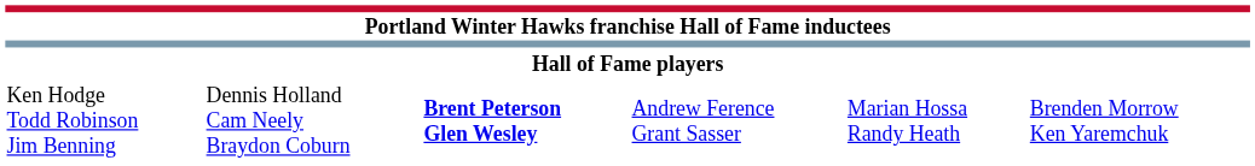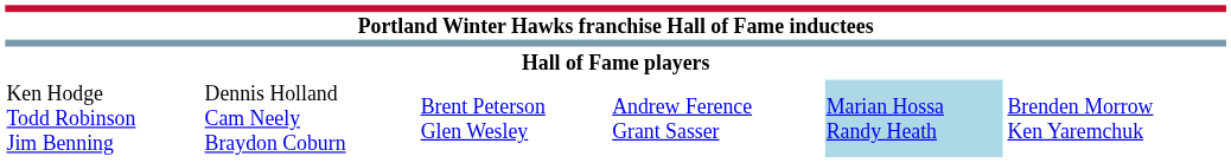 <table class="toccolours" style="font-size: 95%;margin:1em auto;" width=100%>
 <tr>
 <th colspan="6" style="background:#FFFFFF;border-top:#C60C30 5px solid;border-bottom:#7A99AC 5px solid;; text-align: center;">Portland Winter Hawks franchise Hall of Fame inductees</th>
 </tr>
 <tr>
 <th colspan=6 align=center>Hall of Fame players</th>
 </tr>
 <tr>
 <td>Ken Hodge <br><a href='#'>Todd Robinson</a><br><a href='#'>Jim Benning</a></td>
 <td>Dennis Holland <br><a href='#'>Cam Neely</a><br><a href='#'>Braydon Coburn</a></td>
-<td><strong><a href='#'>Brent Peterson</a><br><a href='#'>Glen Wesley</a></strong></td>
+<td><a href='#'>Brent Peterson</a><br><a href='#'>Glen Wesley</a></td>
 <td><a href='#'>Andrew Ference</a><br><a href='#'>Grant Sasser</a></td>
-<td><a href='#'>Marian Hossa</a><br><a href='#'>Randy Heath</a></td>
+<td style="background: lightblue;"><a href='#'>Marian Hossa</a><br><a href='#'>Randy Heath</a></td>
 <td><a href='#'>Brenden Morrow</a><br><a href='#'>Ken Yaremchuk</a></td>
 </tr>
 </table>
